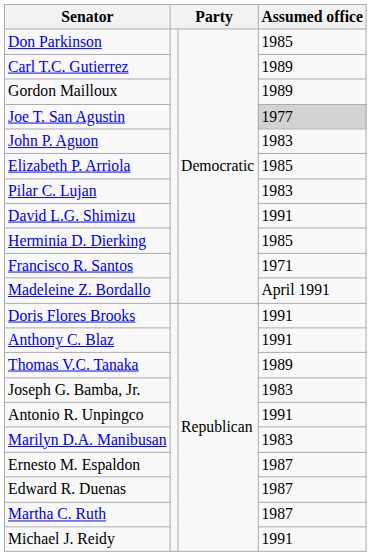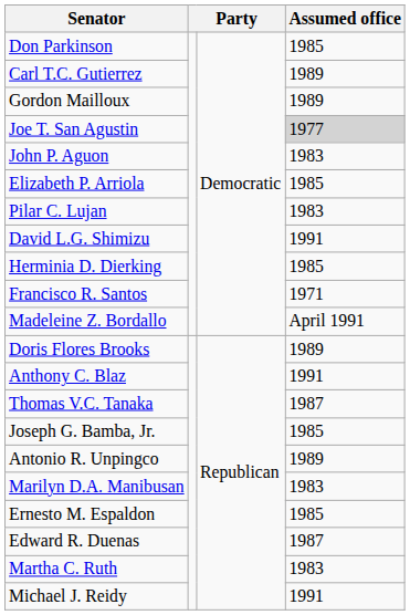 <table class="wikitable sortable" id="votingmembers">
 <tr style="vertical-align:bottom;">
 <th>Senator</th>
 <th colspan=2>Party</th>
 <th>Assumed office</th>
 </tr>
 <tr>
 <td><a href='#'>Don Parkinson</a></td>
 <td rowspan="11" style="background-color:"></td>
 <td rowspan="11">Democratic</td>
 <td>1985</td>
 </tr>
 <tr>
 <td><a href='#'>Carl T.C. Gutierrez</a></td>
 <td>1989</td>
 </tr>
 <tr>
 <td>Gordon Mailloux</td>
 <td>1989</td>
 </tr>
 <tr>
 <td><a href='#'>Joe T. San Agustin</a></td>
 <td style="background: lightgrey;">1977</td>
 </tr>
 <tr>
 <td><a href='#'>John P. Aguon</a></td>
 <td>1983</td>
 </tr>
 <tr>
 <td><a href='#'>Elizabeth P. Arriola</a></td>
 <td>1985</td>
 </tr>
 <tr>
 <td><a href='#'>Pilar C. Lujan</a></td>
 <td>1983</td>
 </tr>
 <tr>
 <td><a href='#'>David L.G. Shimizu</a></td>
 <td>1991</td>
 </tr>
 <tr>
 <td><a href='#'>Herminia D. Dierking</a></td>
 <td>1985</td>
 </tr>
 <tr>
 <td><a href='#'>Francisco R. Santos</a></td>
 <td>1971</td>
 </tr>
 <tr>
 <td><a href='#'>Madeleine Z. Bordallo</a></td>
 <td>April 1991</td>
 </tr>
 <tr>
 <td><a href='#'>Doris Flores Brooks</a></td>
 <td rowspan="10" style="background-color:"></td>
 <td rowspan="10">Republican</td>
-<td>1991</td>
+<td>1989</td>
 </tr>
 <tr>
 <td><a href='#'>Anthony C. Blaz</a></td>
 <td>1991</td>
 </tr>
 <tr>
 <td><a href='#'>Thomas V.C. Tanaka</a></td>
-<td>1989</td>
+<td>1987</td>
 </tr>
 <tr>
 <td>Joseph G. Bamba, Jr.</td>
-<td>1983</td>
+<td>1985</td>
 </tr>
 <tr>
 <td>Antonio R. Unpingco</td>
-<td>1991</td>
+<td>1989</td>
 </tr>
 <tr>
 <td><a href='#'>Marilyn D.A. Manibusan</a></td>
 <td>1983</td>
 </tr>
 <tr>
 <td>Ernesto M. Espaldon</td>
-<td>1987</td>
+<td>1985</td>
 </tr>
 <tr>
 <td>Edward R. Duenas</td>
 <td>1987</td>
 </tr>
 <tr>
 <td><a href='#'>Martha C. Ruth</a></td>
-<td>1987</td>
+<td>1983</td>
 </tr>
 <tr>
 <td>Michael J. Reidy</td>
 <td>1991</td>
 </tr>
 </table>
